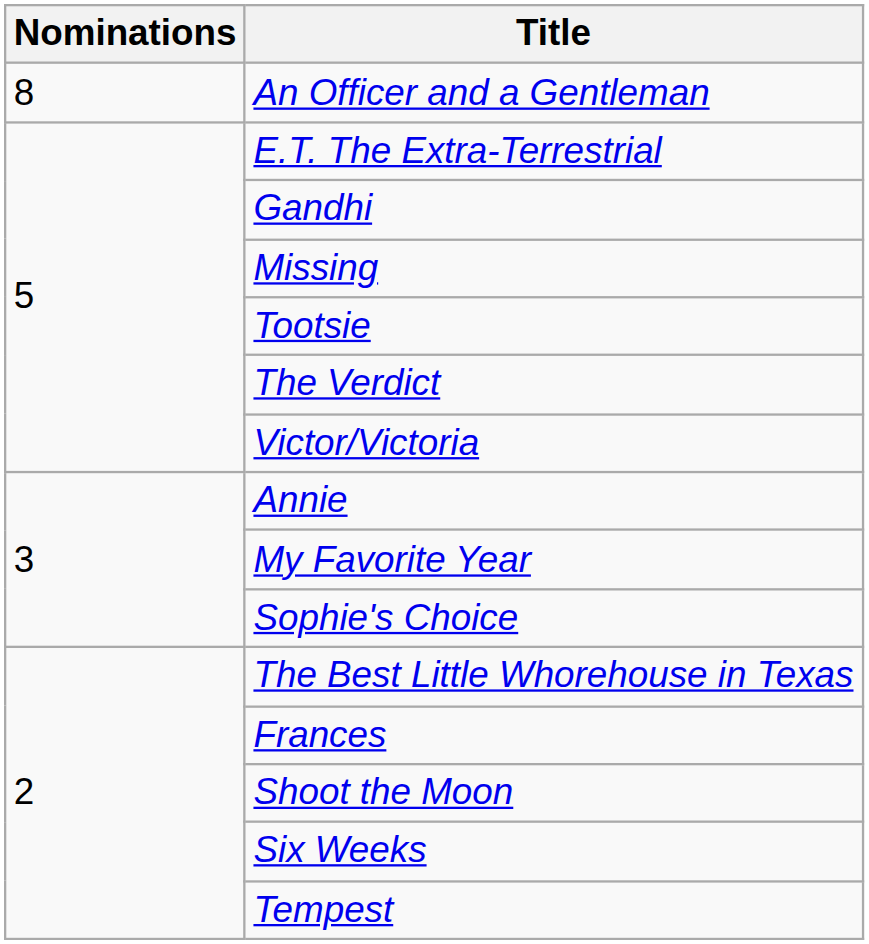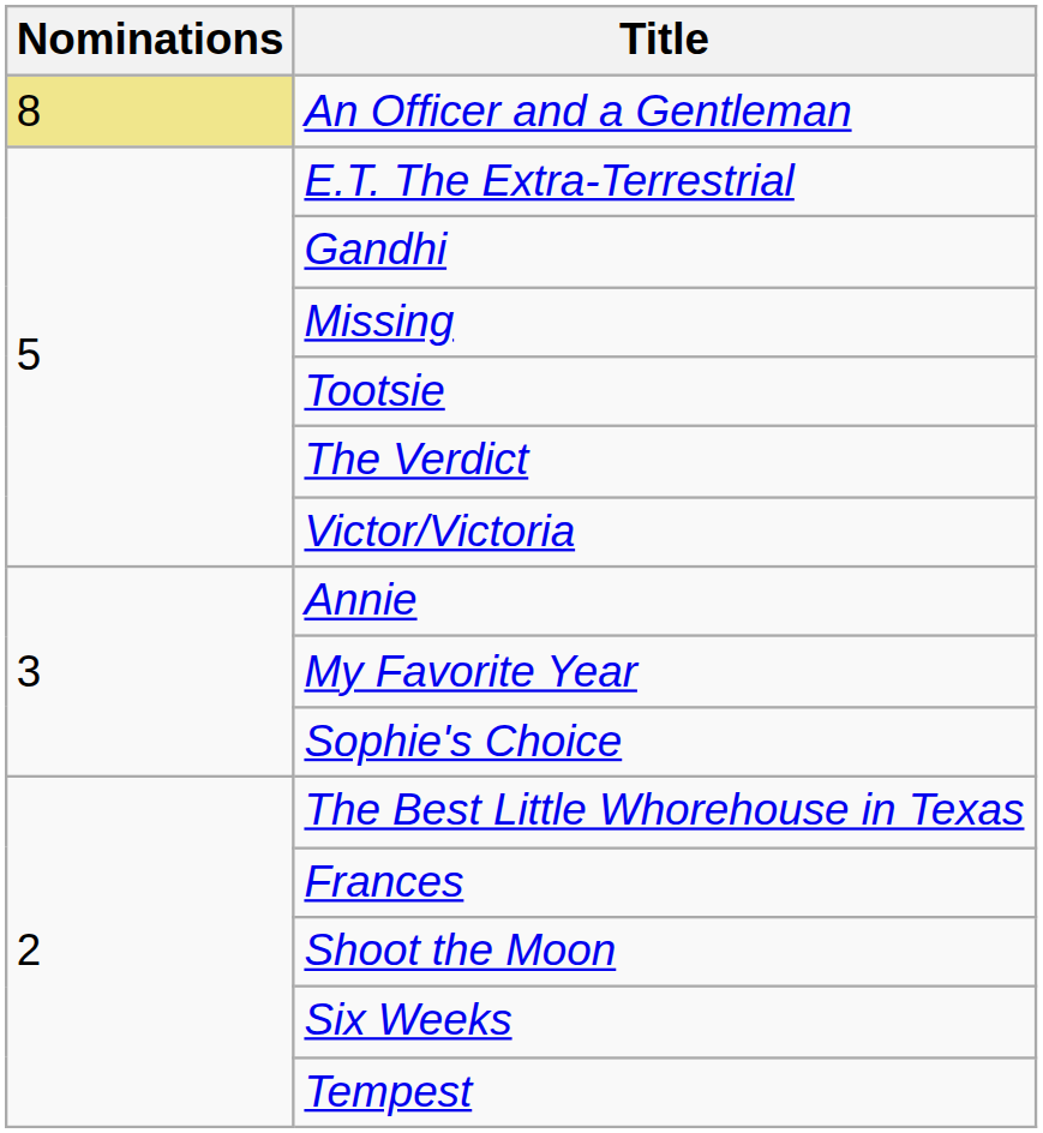 <table class="wikitable">
 <tr>
 <th>Nominations</th>
 <th>Title</th>
 </tr>
 <tr>
-<td>8</td>
+<td style="background: khaki;">8</td>
 <td><em><a href='#'>An Officer and a Gentleman</a></em></td>
 </tr>
 <tr>
 <td rowspan="6">5</td>
 <td><em><a href='#'>E.T. The Extra-Terrestrial</a></em></td>
 </tr>
 <tr>
 <td><em><a href='#'>Gandhi</a></em></td>
 </tr>
 <tr>
 <td><em><a href='#'>Missing</a></em></td>
 </tr>
 <tr>
 <td><em><a href='#'>Tootsie</a></em></td>
 </tr>
 <tr>
 <td><em><a href='#'>The Verdict</a></em></td>
 </tr>
 <tr>
 <td><em><a href='#'>Victor/Victoria</a></em></td>
 </tr>
 <tr>
 <td rowspan="3">3</td>
 <td><em><a href='#'>Annie</a></em></td>
 </tr>
 <tr>
 <td><em><a href='#'>My Favorite Year</a></em></td>
 </tr>
 <tr>
 <td><em><a href='#'>Sophie's Choice</a></em></td>
 </tr>
 <tr>
 <td rowspan="5">2</td>
 <td><em><a href='#'>The Best Little Whorehouse in Texas</a></em></td>
 </tr>
 <tr>
 <td><em><a href='#'>Frances</a></em></td>
 </tr>
 <tr>
 <td><em><a href='#'>Shoot the Moon</a></em></td>
 </tr>
 <tr>
 <td><em><a href='#'>Six Weeks</a></em></td>
 </tr>
 <tr>
 <td><em><a href='#'>Tempest</a></em></td>
 </tr>
 </table>
